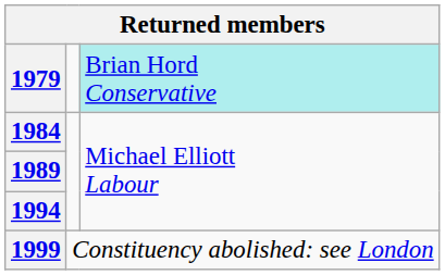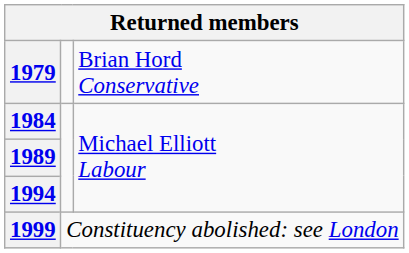 <table class="wikitable">
 <tr>
 <th colspan = 3>Returned members</th>
 </tr>
 <tr>
 <th><a href='#'>1979</a></th>
 <td width=1px style="background-color: "></td>
-<td style="background: paleturquoise;"><a href='#'>Brian Hord</a><br><em><a href='#'>Conservative</a></em></td>
+<td><a href='#'>Brian Hord</a><br><em><a href='#'>Conservative</a></em></td>
 </tr>
 <tr>
 <th><a href='#'>1984</a></th>
 <td rowspan=3 width=1px style="background-color: "></td>
 <td rowspan = 3><a href='#'>Michael Elliott</a><br><em><a href='#'>Labour</a></em></td>
 </tr>
 <tr>
 <th><a href='#'>1989</a></th>
 </tr>
 <tr>
 <th><a href='#'>1994</a></th>
 </tr>
 <tr>
 <th><a href='#'>1999</a></th>
 <td colspan="3"><em>Constituency abolished: see <a href='#'>London</a></em></td>
 </tr>
 </table>
